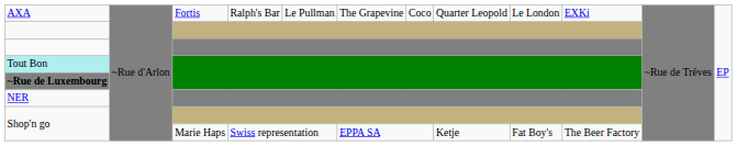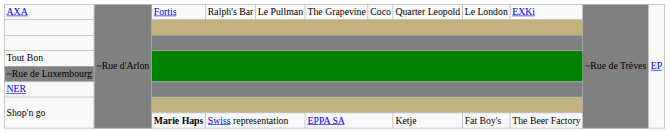 <table class="wikitable">
 <tr>
 <td><a href='#'>AXA</a></td>
 <td rowspan=9 bgcolor=grey>~Rue d'Arlon</td>
 <td><a href='#'>Fortis</a></td>
 <td>Ralph's Bar</td>
 <td>Le Pullman</td>
 <td>The Grapevine</td>
 <td>Coco</td>
 <td>Quarter Leopold</td>
 <td>Le London</td>
 <td><a href='#'>EXKi</a></td>
 <td rowspan=9 bgcolor=grey>~Rue de Trêves</td>
 <td rowspan=9><a href='#'>EP</a></td>
 </tr>
 <tr>
 <td> </td>
 <td colspan=8 bgcolor=#C2B280> </td>
 </tr>
 <tr>
 <td> </td>
 <td colspan=8 bgcolor=grey> </td>
 </tr>
 <tr>
-<td style="background: paleturquoise;">Tout Bon</td>
+<td>Tout Bon</td>
 <td colspan=8 rowspan=3 bgcolor=green> </td>
 </tr>
 <tr>
-<td bgcolor=grey><strong>~Rue de Luxembourg</strong></td>
+<td bgcolor=grey>~Rue de Luxembourg</td>
 </tr>
 <tr>
 <td rowspan=2><a href='#'>NER</a></td>
 </tr>
 <tr>
 <td colspan=8 bgcolor=grey> </td>
 </tr>
 <tr>
 <td rowspan=2>Shop'n go</td>
 <td colspan=8 bgcolor=#C2B280> </td>
 </tr>
 <tr>
-<td>Marie Haps</td>
+<td><strong>Marie Haps</strong></td>
 <td colspan=2><a href='#'>Swiss</a> representation</td>
 <td colspan=2><a href='#'>EPPA SA</a>  </td>
 <td>Ketje</td>
 <td>Fat Boy's</td>
 <td>The Beer Factory</td>
 </tr>
 </table>
